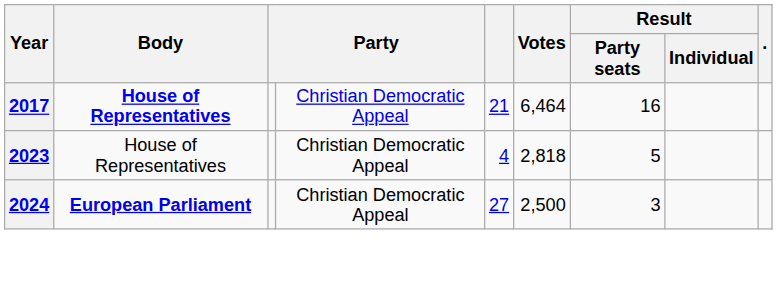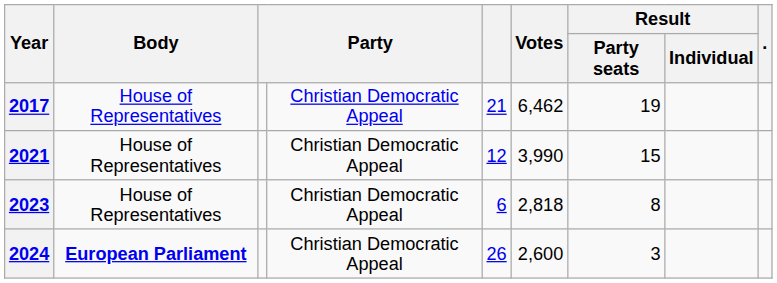 <table class="wikitable plainrowheaders sortable" border=2 cellpadding=4 cellspacing=0 style="border: 1px #aaa solid; font-size: 90%; text-align:center;">
 <tr>
 <th scope="col" rowspan=2>Year</th>
 <th scope="col" rowspan=2>Body</th>
 <th scope="col" colspan=2 rowspan=2>Party</th>
 <th scope="col" rowspan=2></th>
 <th scope="col" rowspan=2>Votes</th>
 <th scope="colgroup" colspan=2>Result</th>
 <th scope="col" rowspan=2 class="unsortable">.</th>
 </tr>
 <tr>
 <th scope="col">Party seats</th>
 <th scope="col">Individual</th>
 </tr>
 <tr>
 <th scope="row"><a href='#'>2017</a></th>
-<td><strong><a href='#'>House of Representatives</a></strong></td>
+<td><a href='#'>House of Representatives</a></td>
 <td style="background-color:"></td>
 <td><a href='#'>Christian Democratic Appeal</a></td>
 <td style=text-align:right><a href='#'>21</a></td>
-<td style=text-align:right>6,464</td>
-<td style=text-align:right>16</td>
+<td style=text-align:right>6,462</td>
+<td style=text-align:right>19</td>
+<td></td>
+<td></td>
+</tr>
+<tr>
+<th scope="row"><a href='#'>2021</a></th>
+<td>House of Representatives</td>
+<td style="background-color:"></td>
+<td>Christian Democratic Appeal</td>
+<td style=text-align:right><a href='#'>12</a></td>
+<td style=text-align:right>3,990</td>
+<td style=text-align:right>15</td>
 <td></td>
 <td></td>
 </tr>
 <tr>
 <th scope="row"><a href='#'>2023</a></th>
 <td>House of Representatives</td>
 <td style="background-color:"></td>
 <td>Christian Democratic Appeal</td>
-<td style=text-align:right><a href='#'>4</a></td>
+<td style=text-align:right><a href='#'>6</a></td>
 <td style=text-align:right>2,818</td>
-<td style=text-align:right>5</td>
+<td style=text-align:right>8</td>
 <td></td>
 <td></td>
 </tr>
 <tr>
 <th scope="row"><a href='#'>2024</a></th>
 <td><strong><a href='#'>European Parliament</a></strong></td>
 <td style="background-color:"></td>
 <td>Christian Democratic Appeal</td>
-<td style=text-align:right><a href='#'>27</a></td>
-<td style=text-align:right>2,500</td>
+<td style=text-align:right><a href='#'>26</a></td>
+<td style=text-align:right>2,600</td>
 <td style=text-align:right>3</td>
 <td></td>
 <td></td>
 </tr>
 </table>
